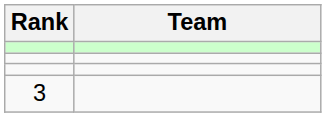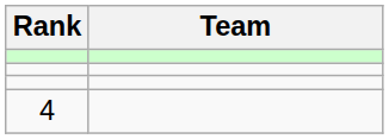 <table class="wikitable" style="text-align:center;">
 <tr>
 <th width=40>Rank</th>
 <th width=160>Team</th>
 </tr>
 <tr bgcolor=#ccffcc>
 <td></td>
 <td style="text-align:left;"></td>
 </tr>
 <tr>
 <td></td>
 <td style="text-align:left;"></td>
 </tr>
 <tr>
 <td></td>
 <td style="text-align:left;"></td>
 </tr>
 <tr>
-<td>3</td>
+<td>4</td>
 <td style="text-align:left;"></td>
 </tr>
 </table>
